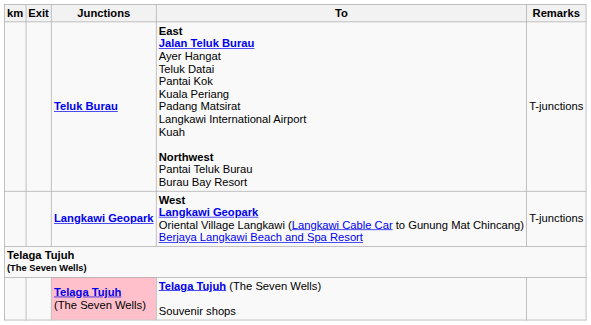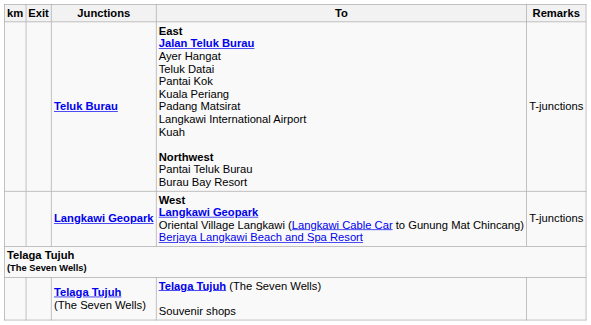 <table class="wikitable">
 <tr>
 <th>km</th>
 <th>Exit</th>
 <th>Junctions</th>
 <th>To</th>
 <th>Remarks</th>
 </tr>
 <tr>
 <td></td>
 <td></td>
 <td><strong><a href='#'>Teluk Burau</a></strong></td>
 <td><strong>East</strong><br> <strong><a href='#'>Jalan Teluk Burau</a></strong><br> Ayer Hangat<br> Teluk Datai<br> Pantai Kok<br> Kuala Periang<br> Padang Matsirat<br> Langkawi International Airport <br> Kuah<br><br><strong>Northwest</strong><br>Pantai Teluk Burau<br>Burau Bay Resort<br> </td>
 <td>T-junctions</td>
 </tr>
 <tr>
 <td></td>
 <td></td>
 <td><strong><a href='#'>Langkawi Geopark</a></strong></td>
 <td><strong>West</strong><br><strong><a href='#'>Langkawi Geopark</a></strong><br>Oriental Village Langkawi (<a href='#'>Langkawi Cable Car</a> to Gunung Mat Chincang)<br><a href='#'>Berjaya Langkawi Beach and Spa Resort</a></td>
 <td>T-junctions</td>
 </tr>
 <tr>
 <td style="width:600px" colspan="6" style="text-align:center; background:white;"><strong><span>Telaga Tujuh<br><small>(The Seven Wells)</small></span></strong></td>
 </tr>
 <tr>
 <td></td>
 <td></td>
-<td style="background: pink;"><strong><a href='#'>Telaga Tujuh</a></strong><br>(The Seven Wells)</td>
+<td><strong><a href='#'>Telaga Tujuh</a></strong><br>(The Seven Wells)</td>
 <td><strong><a href='#'>Telaga Tujuh</a></strong> (The Seven Wells)<br> <br>Souvenir shops</td>
 <td></td>
 </tr>
 </table>
